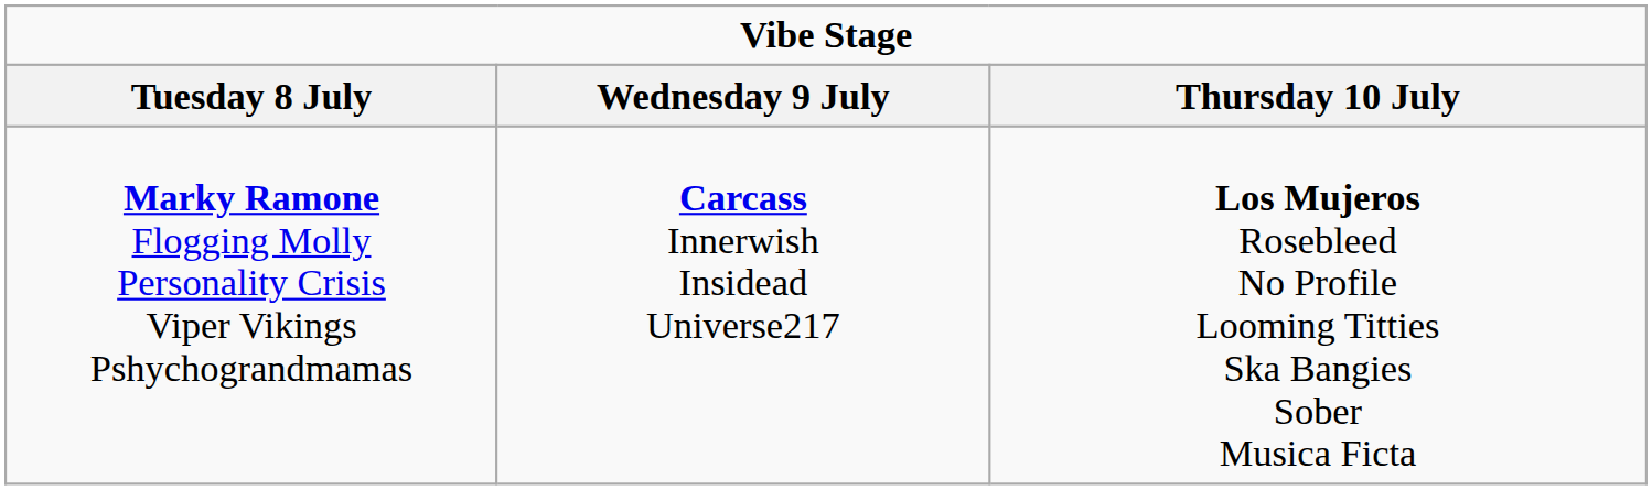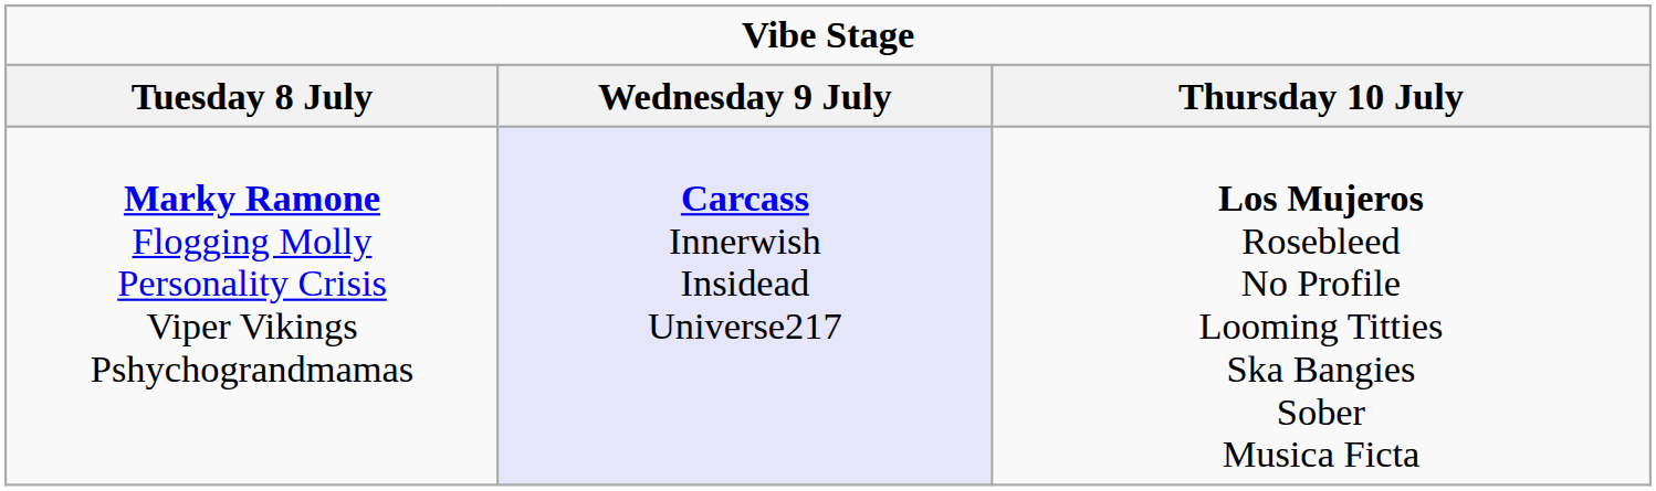 <table class="wikitable">
 <tr>
 <td colspan="3" align="center"><strong>Vibe Stage</strong></td>
 </tr>
 <tr>
 <th>Tuesday 8 July</th>
 <th>Wednesday 9 July</th>
 <th>Thursday 10 July</th>
 </tr>
 <tr>
 <td valign="top" align="center" width=200><br><strong><a href='#'>Marky Ramone</a></strong> <br><a href='#'>Flogging Molly</a> <br><a href='#'>Personality Crisis</a> <br>Viper Vikings <br>Pshychograndmamas</td>
-<td valign="top" align="center" width=200><br><strong><a href='#'>Carcass</a></strong> <br>Innerwish <br>Insidead <br>Universe217</td>
+<td valign="top" align="center" width=200 style="background: lavender;"><br><strong><a href='#'>Carcass</a></strong> <br>Innerwish <br>Insidead <br>Universe217</td>
 <td valign="top" align="center" width=270><br><strong>Los Mujeros</strong> <br>Rosebleed <br>No Profile <br>Looming Titties <br>Ska Bangies <br>Sober <br>Musica Ficta</td>
 </tr>
 </table>
